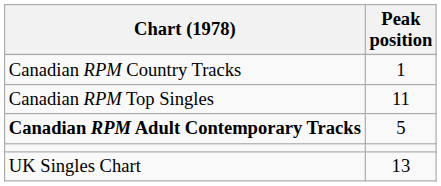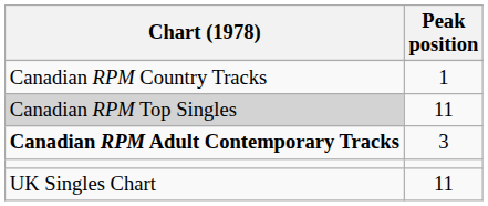 <table class="wikitable sortable">
 <tr>
 <th>Chart (1978)</th>
 <th>Peak<br>position</th>
 </tr>
 <tr>
 </tr>
 <tr>
 </tr>
 <tr>
 </tr>
 <tr>
 <td>Canadian <em>RPM</em> Country Tracks</td>
 <td style="text-align:center;">1</td>
 </tr>
 <tr>
-<td>Canadian <em>RPM</em> Top Singles</td>
+<td style="background: lightgrey;">Canadian <em>RPM</em> Top Singles</td>
 <td style="text-align:center;">11</td>
 </tr>
 <tr>
 <td><strong>Canadian <em>RPM</em> Adult Contemporary Tracks</strong></td>
-<td style="text-align:center;">5</td>
+<td style="text-align:center;">3</td>
 </tr>
 <tr>
 <td></td>
 </tr>
 <tr>
 <td>UK Singles Chart</td>
-<td style="text-align:center;">13</td>
+<td style="text-align:center;">11</td>
 </tr>
 </table>
